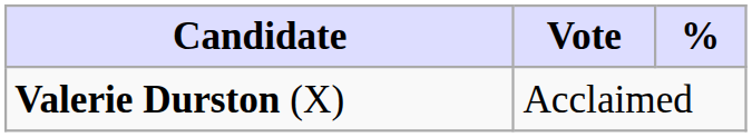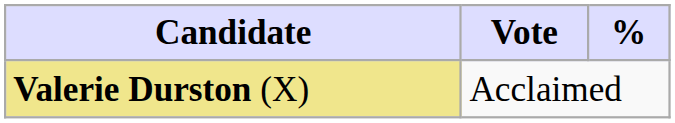 <table class="wikitable">
 <tr>
 <th style="background:#ddf; width:200px;">Candidate</th>
 <th style="background:#ddf; width:50px;">Vote</th>
 <th style="background:#ddf; width:30px;">%</th>
 </tr>
 <tr>
-<td><strong>Valerie Durston</strong> (X)</td>
+<td style="background: khaki;"><strong>Valerie Durston</strong> (X)</td>
 <td colspan="2">Acclaimed</td>
 </tr>
 </table>
